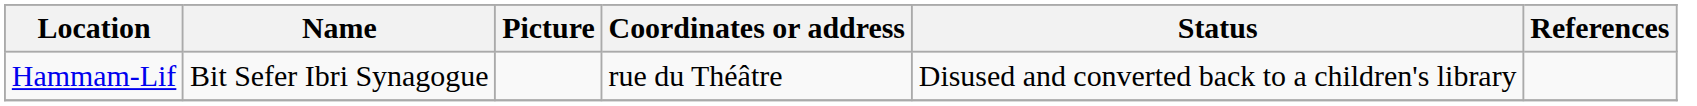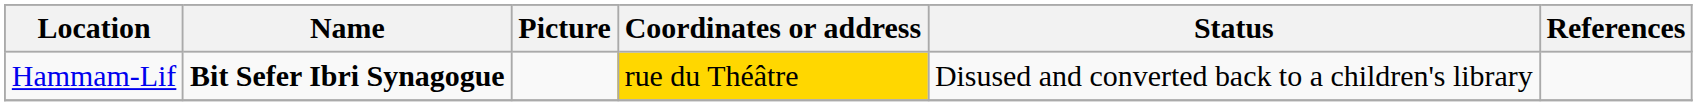 <table class="wikitable sortable">
 <tr>
 <th>Location</th>
 <th>Name</th>
 <th>Picture</th>
 <th>Coordinates or address</th>
 <th>Status</th>
 <th>References</th>
 </tr>
 <tr>
 <td><a href='#'>Hammam-Lif</a></td>
-<td>Bit Sefer Ibri Synagogue</td>
+<td><strong>Bit Sefer Ibri Synagogue</strong></td>
 <td align=center></td>
-<td>rue du Théâtre</td>
+<td style="background: gold;">rue du Théâtre</td>
 <td>Disused and converted back to a children's library</td>
 <td></td>
 </tr>
 <tr>
 </tr>
 </table>
